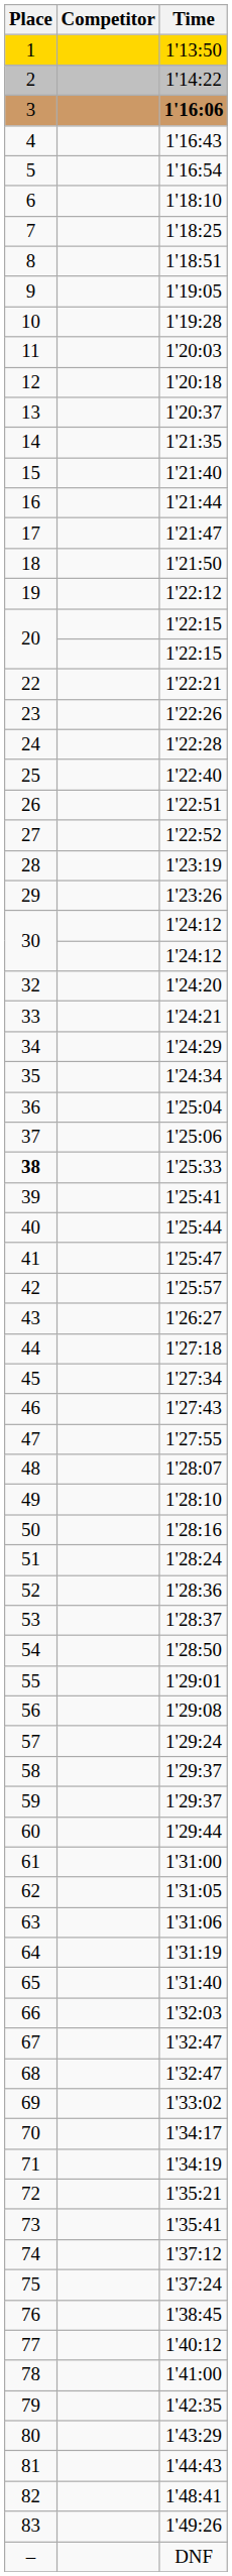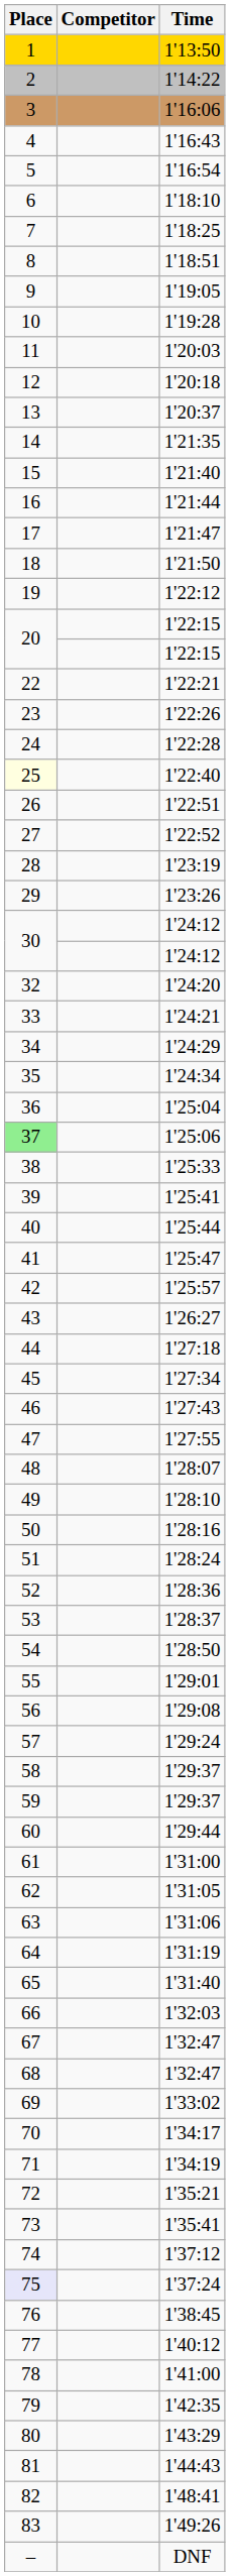 <table class=wikitable style="text-align:center">
 <tr>
 <th>Place</th>
 <th>Competitor</th>
 <th>Time</th>
 </tr>
 <tr align=center bgcolor=gold>
 <td>1</td>
 <td align=left></td>
 <td>1'13:50</td>
 </tr>
 <tr align=center bgcolor=silver>
 <td>2</td>
 <td align=left></td>
 <td>1'14:22</td>
 </tr>
 <tr align=center bgcolor=cc9966>
 <td>3</td>
 <td align=left></td>
-<td><strong>1'16:06</strong></td>
+<td>1'16:06</td>
 </tr>
 <tr>
 <td>4</td>
 <td align=left></td>
 <td>1'16:43</td>
 </tr>
 <tr>
 <td>5</td>
 <td align=left></td>
 <td>1'16:54</td>
 </tr>
 <tr>
 <td>6</td>
 <td align=left></td>
 <td>1'18:10</td>
 </tr>
 <tr>
 <td>7</td>
 <td align=left></td>
 <td>1'18:25</td>
 </tr>
 <tr>
 <td>8</td>
 <td align=left></td>
 <td>1'18:51</td>
 </tr>
 <tr>
 <td>9</td>
 <td align=left></td>
 <td>1'19:05</td>
 </tr>
 <tr>
 <td>10</td>
 <td align=left></td>
 <td>1'19:28</td>
 </tr>
 <tr>
 <td>11</td>
 <td align=left></td>
 <td>1'20:03</td>
 </tr>
 <tr>
 <td>12</td>
 <td align=left></td>
 <td>1'20:18</td>
 </tr>
 <tr>
 <td>13</td>
 <td align=left></td>
 <td>1'20:37</td>
 </tr>
 <tr>
 <td>14</td>
 <td align=left></td>
 <td>1'21:35</td>
 </tr>
 <tr>
 <td>15</td>
 <td align=left></td>
 <td>1'21:40</td>
 </tr>
 <tr>
 <td>16</td>
 <td align=left></td>
 <td>1'21:44</td>
 </tr>
 <tr>
 <td>17</td>
 <td align=left></td>
 <td>1'21:47</td>
 </tr>
 <tr>
 <td>18</td>
 <td align=left></td>
 <td>1'21:50</td>
 </tr>
 <tr>
 <td>19</td>
 <td align=left></td>
 <td>1'22:12</td>
 </tr>
 <tr>
 <td rowspan=2>20</td>
 <td align=left></td>
 <td>1'22:15</td>
 </tr>
 <tr>
 <td align=left></td>
 <td>1'22:15</td>
 </tr>
 <tr>
 <td>22</td>
 <td align=left></td>
 <td>1'22:21</td>
 </tr>
 <tr>
 <td>23</td>
 <td align=left></td>
 <td>1'22:26</td>
 </tr>
 <tr>
 <td>24</td>
 <td align=left></td>
 <td>1'22:28</td>
 </tr>
 <tr>
-<td>25</td>
+<td style="background: lightyellow;">25</td>
 <td align=left></td>
 <td>1'22:40</td>
 </tr>
 <tr>
 <td>26</td>
 <td align=left></td>
 <td>1'22:51</td>
 </tr>
 <tr>
 <td>27</td>
 <td align=left></td>
 <td>1'22:52</td>
 </tr>
 <tr>
 <td>28</td>
 <td align=left></td>
 <td>1'23:19</td>
 </tr>
 <tr>
 <td>29</td>
 <td align=left></td>
 <td>1'23:26</td>
 </tr>
 <tr>
 <td rowspan=2>30</td>
 <td align=left></td>
 <td>1'24:12</td>
 </tr>
 <tr>
 <td align=left></td>
 <td>1'24:12</td>
 </tr>
 <tr>
 <td>32</td>
 <td align=left></td>
 <td>1'24:20</td>
 </tr>
 <tr>
 <td>33</td>
 <td align=left></td>
 <td>1'24:21</td>
 </tr>
 <tr>
 <td>34</td>
 <td align=left></td>
 <td>1'24:29</td>
 </tr>
 <tr>
 <td>35</td>
 <td align=left></td>
 <td>1'24:34</td>
 </tr>
 <tr>
 <td>36</td>
 <td align=left></td>
 <td>1'25:04</td>
 </tr>
 <tr>
-<td>37</td>
+<td style="background: lightgreen;">37</td>
 <td align=left></td>
 <td>1'25:06</td>
 </tr>
 <tr>
-<td><strong>38</strong></td>
+<td>38</td>
 <td align=left></td>
 <td>1'25:33</td>
 </tr>
 <tr>
 <td>39</td>
 <td align=left></td>
 <td>1'25:41</td>
 </tr>
 <tr>
 <td>40</td>
 <td align=left></td>
 <td>1'25:44</td>
 </tr>
 <tr>
 <td>41</td>
 <td align=left></td>
 <td>1'25:47</td>
 </tr>
 <tr>
 <td>42</td>
 <td align=left></td>
 <td>1'25:57</td>
 </tr>
 <tr>
 <td>43</td>
 <td align=left></td>
 <td>1'26:27</td>
 </tr>
 <tr>
 <td>44</td>
 <td align=left></td>
 <td>1'27:18</td>
 </tr>
 <tr>
 <td>45</td>
 <td align=left></td>
 <td>1'27:34</td>
 </tr>
 <tr>
 <td>46</td>
 <td align=left></td>
 <td>1'27:43</td>
 </tr>
 <tr>
 <td>47</td>
 <td align=left></td>
 <td>1'27:55</td>
 </tr>
 <tr>
 <td>48</td>
 <td align=left></td>
 <td>1'28:07</td>
 </tr>
 <tr>
 <td>49</td>
 <td align=left></td>
 <td>1'28:10</td>
 </tr>
 <tr>
 <td>50</td>
 <td align=left></td>
 <td>1'28:16</td>
 </tr>
 <tr>
 <td>51</td>
 <td align=left></td>
 <td>1'28:24</td>
 </tr>
 <tr>
 <td>52</td>
 <td align=left></td>
 <td>1'28:36</td>
 </tr>
 <tr>
 <td>53</td>
 <td align=left></td>
 <td>1'28:37</td>
 </tr>
 <tr>
 <td>54</td>
 <td align=left></td>
 <td>1'28:50</td>
 </tr>
 <tr>
 <td>55</td>
 <td align=left></td>
 <td>1'29:01</td>
 </tr>
 <tr>
 <td>56</td>
 <td align=left></td>
 <td>1'29:08</td>
 </tr>
 <tr>
 <td>57</td>
 <td align=left></td>
 <td>1'29:24</td>
 </tr>
 <tr>
 <td>58</td>
 <td align=left></td>
 <td>1'29:37</td>
 </tr>
 <tr>
 <td>59</td>
 <td align=left></td>
 <td>1'29:37</td>
 </tr>
 <tr>
 <td>60</td>
 <td align=left></td>
 <td>1'29:44</td>
 </tr>
 <tr>
 <td>61</td>
 <td align=left></td>
 <td>1'31:00</td>
 </tr>
 <tr>
 <td>62</td>
 <td align=left></td>
 <td>1'31:05</td>
 </tr>
 <tr>
 <td>63</td>
 <td align=left></td>
 <td>1'31:06</td>
 </tr>
 <tr>
 <td>64</td>
 <td align=left></td>
 <td>1'31:19</td>
 </tr>
 <tr>
 <td>65</td>
 <td align=left></td>
 <td>1'31:40</td>
 </tr>
 <tr>
 <td>66</td>
 <td align=left></td>
 <td>1'32:03</td>
 </tr>
 <tr>
 <td>67</td>
 <td align=left></td>
 <td>1'32:47</td>
 </tr>
 <tr>
 <td>68</td>
 <td align=left></td>
 <td>1'32:47</td>
 </tr>
 <tr>
 <td>69</td>
 <td align=left></td>
 <td>1'33:02</td>
 </tr>
 <tr>
 <td>70</td>
 <td align=left></td>
 <td>1'34:17</td>
 </tr>
 <tr>
 <td>71</td>
 <td align=left></td>
 <td>1'34:19</td>
 </tr>
 <tr>
 <td>72</td>
 <td align=left></td>
 <td>1'35:21</td>
 </tr>
 <tr>
 <td>73</td>
 <td align=left></td>
 <td>1'35:41</td>
 </tr>
 <tr>
 <td>74</td>
 <td align=left></td>
 <td>1'37:12</td>
 </tr>
 <tr>
-<td>75</td>
+<td style="background: lavender;">75</td>
 <td align=left></td>
 <td>1'37:24</td>
 </tr>
 <tr>
 <td>76</td>
 <td align=left></td>
 <td>1'38:45</td>
 </tr>
 <tr>
 <td>77</td>
 <td align=left></td>
 <td>1'40:12</td>
 </tr>
 <tr>
 <td>78</td>
 <td align=left></td>
 <td>1'41:00</td>
 </tr>
 <tr>
 <td>79</td>
 <td align=left></td>
 <td>1'42:35</td>
 </tr>
 <tr>
 <td>80</td>
 <td align=left></td>
 <td>1'43:29</td>
 </tr>
 <tr>
 <td>81</td>
 <td align=left></td>
 <td>1'44:43</td>
 </tr>
 <tr>
 <td>82</td>
 <td align=left></td>
 <td>1'48:41</td>
 </tr>
 <tr>
 <td>83</td>
 <td align=left></td>
 <td>1'49:26</td>
 </tr>
 <tr>
 <td>–</td>
 <td align=left></td>
 <td>DNF</td>
 </tr>
 </table>
